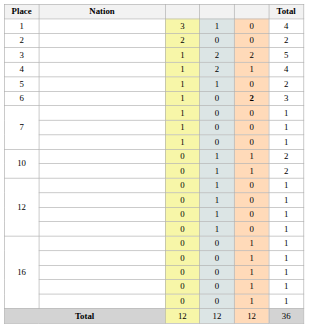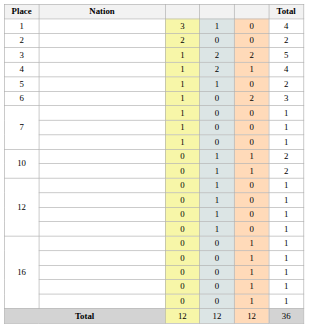 <table class=wikitable style="border:1px solid #AAAAAA;font-size:90%">
 <tr bgcolor="#EFEFEF">
 <th width=50>Place</th>
 <th width=200>Nation</th>
 <th width=50></th>
 <th width=50></th>
 <th width=50></th>
 <th width=50>Total</th>
 </tr>
 <tr align="center" valign="center" bgcolor="#FFFFFF">
 <td>1</td>
 <td align="left"></td>
 <td style="background:#F7F6A8;">3</td>
 <td style="background:#DCE5E5;">1</td>
 <td style="background:#FFDAB9;">0</td>
 <td>4</td>
 </tr>
 <tr align="center" valign="center" bgcolor="#FFFFFF">
 <td>2</td>
 <td align="left"></td>
 <td style="background:#F7F6A8;">2</td>
 <td style="background:#DCE5E5;">0</td>
 <td style="background:#FFDAB9;">0</td>
 <td>2</td>
 </tr>
 <tr align="center" valign="center" bgcolor="#FFFFFF">
 <td>3</td>
 <td align="left"></td>
 <td style="background:#F7F6A8;">1</td>
 <td style="background:#DCE5E5;">2</td>
 <td style="background:#FFDAB9;">2</td>
 <td>5</td>
 </tr>
 <tr align="center" valign="center" bgcolor="#FFFFFF">
 <td>4</td>
 <td align="left"></td>
 <td style="background:#F7F6A8;">1</td>
 <td style="background:#DCE5E5;">2</td>
 <td style="background:#FFDAB9;">1</td>
 <td>4</td>
 </tr>
 <tr align="center" valign="center" bgcolor="#FFFFFF">
 <td>5</td>
 <td align="left"></td>
 <td style="background:#F7F6A8;">1</td>
 <td style="background:#DCE5E5;">1</td>
 <td style="background:#FFDAB9;">0</td>
 <td>2</td>
 </tr>
 <tr align="center" valign="center" bgcolor="#FFFFFF">
 <td>6</td>
 <td align="left"></td>
 <td style="background:#F7F6A8;">1</td>
 <td style="background:#DCE5E5;">0</td>
-<td style="background:#FFDAB9;"><strong>2</strong></td>
+<td style="background:#FFDAB9;">2</td>
 <td>3</td>
 </tr>
 <tr align="center" valign="center" bgcolor="#FFFFFF">
 <td rowspan=3>7</td>
 <td align="left"></td>
 <td style="background:#F7F6A8;">1</td>
 <td style="background:#DCE5E5;">0</td>
 <td style="background:#FFDAB9;">0</td>
 <td>1</td>
 </tr>
 <tr align="center" valign="center" bgcolor="#FFFFFF">
 <td align="left"></td>
 <td style="background:#F7F6A8;">1</td>
 <td style="background:#DCE5E5;">0</td>
 <td style="background:#FFDAB9;">0</td>
 <td>1</td>
 </tr>
 <tr align="center" valign="center" bgcolor="#FFFFFF">
 <td align="left"></td>
 <td style="background:#F7F6A8;">1</td>
 <td style="background:#DCE5E5;">0</td>
 <td style="background:#FFDAB9;">0</td>
 <td>1</td>
 </tr>
 <tr align="center" valign="center" bgcolor="#FFFFFF">
 <td rowspan=2>10</td>
 <td align="left"></td>
 <td style="background:#F7F6A8;">0</td>
 <td style="background:#DCE5E5;">1</td>
 <td style="background:#FFDAB9;">1</td>
 <td>2</td>
 </tr>
 <tr align="center" valign="center" bgcolor="#FFFFFF">
 <td align="left"></td>
 <td style="background:#F7F6A8;">0</td>
 <td style="background:#DCE5E5;">1</td>
 <td style="background:#FFDAB9;">1</td>
 <td>2</td>
 </tr>
 <tr align="center" valign="center" bgcolor="#FFFFFF">
 <td rowspan=4>12</td>
 <td align="left"></td>
 <td style="background:#F7F6A8;">0</td>
 <td style="background:#DCE5E5;">1</td>
 <td style="background:#FFDAB9;">0</td>
 <td>1</td>
 </tr>
 <tr align="center" valign="center" bgcolor="#FFFFFF">
 <td align="left"></td>
 <td style="background:#F7F6A8;">0</td>
 <td style="background:#DCE5E5;">1</td>
 <td style="background:#FFDAB9;">0</td>
 <td>1</td>
 </tr>
 <tr align="center" valign="center" bgcolor="#FFFFFF">
 <td align="left"></td>
 <td style="background:#F7F6A8;">0</td>
 <td style="background:#DCE5E5;">1</td>
 <td style="background:#FFDAB9;">0</td>
 <td>1</td>
 </tr>
 <tr align="center" valign="center" bgcolor="#FFFFFF">
 <td align="left"></td>
 <td style="background:#F7F6A8;">0</td>
 <td style="background:#DCE5E5;">1</td>
 <td style="background:#FFDAB9;">0</td>
 <td>1</td>
 </tr>
 <tr align="center" valign="center" bgcolor="#FFFFFF">
 <td rowspan=5>16</td>
 <td align="left"></td>
 <td style="background:#F7F6A8;">0</td>
 <td style="background:#DCE5E5;">0</td>
 <td style="background:#FFDAB9;">1</td>
 <td>1</td>
 </tr>
 <tr align="center" valign="center" bgcolor="#FFFFFF">
 <td align="left"></td>
 <td style="background:#F7F6A8;">0</td>
 <td style="background:#DCE5E5;">0</td>
 <td style="background:#FFDAB9;">1</td>
 <td>1</td>
 </tr>
 <tr align="center" valign="center" bgcolor="#FFFFFF">
 <td align="left"></td>
 <td style="background:#F7F6A8;">0</td>
 <td style="background:#DCE5E5;">0</td>
 <td style="background:#FFDAB9;">1</td>
 <td>1</td>
 </tr>
 <tr align="center" valign="center" bgcolor="#FFFFFF">
 <td align="left"></td>
 <td style="background:#F7F6A8;">0</td>
 <td style="background:#DCE5E5;">0</td>
 <td style="background:#FFDAB9;">1</td>
 <td>1</td>
 </tr>
 <tr align="center" valign="center" bgcolor="#FFFFFF">
 <td align="left"></td>
 <td style="background:#F7F6A8;">0</td>
 <td style="background:#DCE5E5;">0</td>
 <td style="background:#FFDAB9;">1</td>
 <td>1</td>
 </tr>
 <tr align="center">
 <td colspan="2" bgcolor=D3D3D3><strong>Total</strong></td>
 <td style="background:#F7F6A8;">12</td>
 <td style="background:#DCE5E5;">12</td>
 <td style="background:#FFDAB9;">12</td>
 <td bgcolor=D3D3D3>36</td>
 </tr>
 </table>
